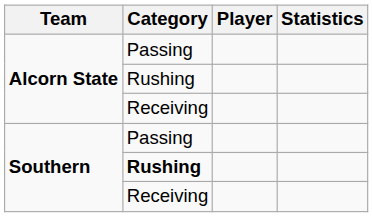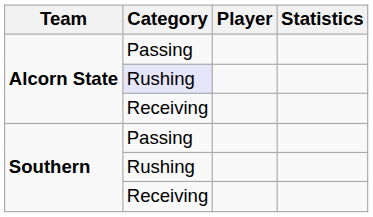 <table class="wikitable" style="float: left;">
 <tr>
 <th>Team</th>
 <th>Category</th>
 <th>Player</th>
 <th>Statistics</th>
 </tr>
 <tr>
 <td rowspan=3><strong>Alcorn State</strong></td>
 <td>Passing</td>
 <td> </td>
 <td> </td>
 </tr>
 <tr>
-<td>Rushing</td>
+<td style="background: lavender;">Rushing</td>
 <td> </td>
 <td> </td>
 </tr>
 <tr>
 <td>Receiving</td>
 <td> </td>
 <td> </td>
 </tr>
 <tr>
 <td rowspan=3><strong>Southern</strong></td>
 <td>Passing</td>
 <td> </td>
 <td> </td>
 </tr>
 <tr>
-<td><strong>Rushing</strong></td>
+<td>Rushing</td>
 <td> </td>
 <td> </td>
 </tr>
 <tr>
 <td>Receiving</td>
 <td> </td>
 <td> </td>
 </tr>
 </table>
